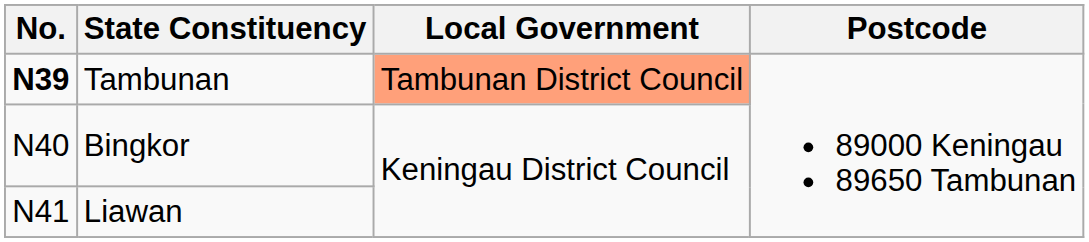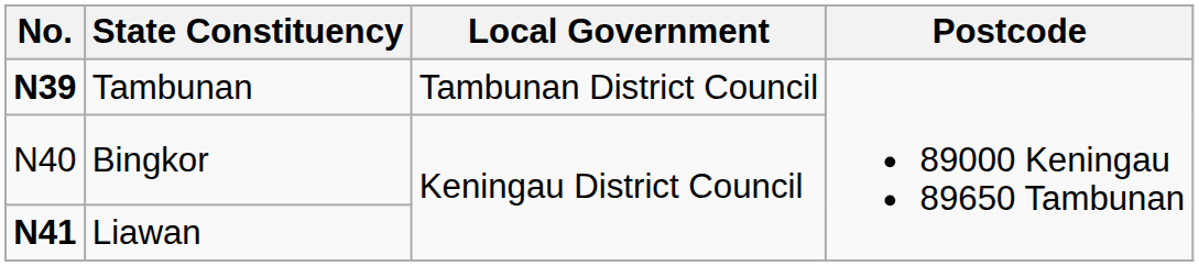 <table class="wikitable">
 <tr>
 <th>No.</th>
 <th>State Constituency</th>
 <th>Local Government</th>
 <th>Postcode</th>
 </tr>
 <tr>
 <td><strong>N39</strong></td>
 <td>Tambunan</td>
-<td style="background: lightsalmon;">Tambunan District Council</td>
+<td>Tambunan District Council</td>
 <td rowspan="3"><br><ul><li>89000 Keningau</li><li>89650 Tambunan</li></ul></td>
 </tr>
 <tr>
 <td>N40</td>
 <td>Bingkor</td>
 <td rowspan="2">Keningau District Council</td>
 </tr>
 <tr>
-<td>N41</td>
+<td><strong>N41</strong></td>
 <td>Liawan</td>
 </tr>
 </table>
